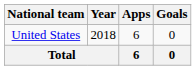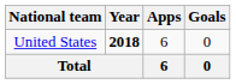 <table class="wikitable" style="text-align:center">
 <tr>
 <th>National team</th>
 <th>Year</th>
 <th>Apps</th>
 <th>Goals</th>
 </tr>
 <tr>
 <td><a href='#'>United States</a></td>
-<td>2018</td>
+<td><strong>2018</strong></td>
 <td>6</td>
 <td>0</td>
 </tr>
 <tr>
 <th colspan="2">Total</th>
 <th>6</th>
 <th>0</th>
 </tr>
 </table>
